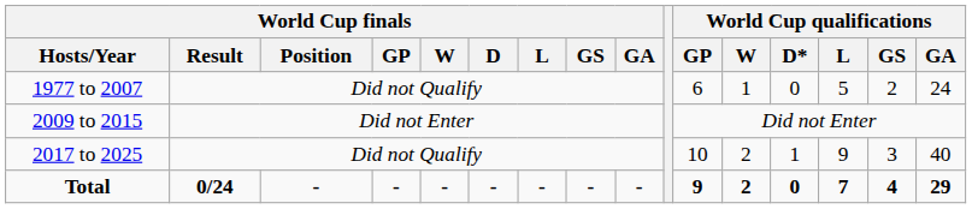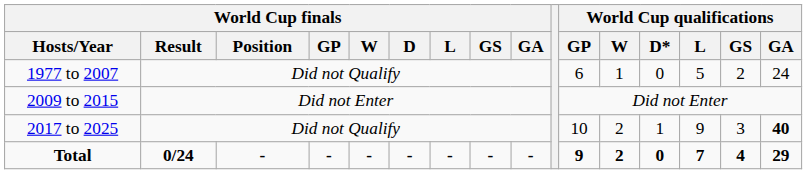 <table class="wikitable" style="text-align: center;">
 <tr>
 <th colspan=9>World Cup finals</th>
 <th style="width:1% ; " rowspan="16"></th>
 <th colspan=6>World Cup qualifications</th>
 </tr>
 <tr>
 <th>Hosts/Year</th>
 <th>Result</th>
 <th>Position</th>
 <th width=30px>GP</th>
 <th width=30px>W</th>
 <th width=30px>D</th>
 <th width=30px>L</th>
 <th width=30px>GS</th>
 <th width=30px>GA</th>
 <th width=30px>GP</th>
 <th width=30px>W</th>
 <th width=30px>D*</th>
 <th width=30px>L</th>
 <th width=30px>GS</th>
 <th width=30px>GA</th>
 </tr>
 <tr>
 <td> <a href='#'>1977</a> to  <a href='#'>2007</a></td>
 <td colspan=8 rowspan=1><em>Did not Qualify</em></td>
 <td>6</td>
 <td>1</td>
 <td>0</td>
 <td>5</td>
 <td>2</td>
 <td>24</td>
 </tr>
 <tr>
 <td> <a href='#'>2009</a> to  <a href='#'>2015</a></td>
 <td colspan=8 rowspan=1><em>Did not Enter</em></td>
 <td colspan=6 rowspan=1><em>Did not Enter</em></td>
 </tr>
 <tr>
 <td> <a href='#'>2017</a> to  <a href='#'>2025</a></td>
 <td colspan=8 rowspan=1><em>Did not Qualify</em></td>
 <td>10</td>
 <td>2</td>
 <td>1</td>
 <td>9</td>
 <td>3</td>
-<td>40</td>
+<td><strong>40</strong></td>
 </tr>
 <tr>
 <td><strong>Total</strong></td>
 <td><strong>0/24</strong></td>
 <td><strong>-</strong></td>
 <td><strong>-</strong></td>
 <td><strong>-</strong></td>
 <td><strong>-</strong></td>
 <td><strong>-</strong></td>
 <td><strong>-</strong></td>
 <td><strong>-</strong></td>
 <td><strong>9</strong></td>
 <td><strong>2</strong></td>
 <td><strong>0</strong></td>
 <td><strong>7</strong></td>
 <td><strong>4</strong></td>
 <td><strong>29</strong></td>
 </tr>
 </table>
